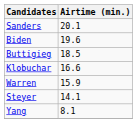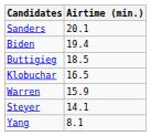 <table class="wikitable sortable" style="display:inline-table;line-height:16px;">
 <tr>
 <th>Candidates</th>
 <th>Airtime (min.)</th>
 </tr>
 <tr>
 <td><a href='#'>Sanders</a></td>
 <td>20.1</td>
 </tr>
 <tr>
 <td><a href='#'>Biden</a></td>
-<td>19.6</td>
+<td>19.4</td>
 </tr>
 <tr>
 <td><a href='#'>Buttigieg</a></td>
 <td>18.5</td>
 </tr>
 <tr>
 <td><a href='#'>Klobuchar</a></td>
-<td>16.6</td>
+<td>16.5</td>
 </tr>
 <tr>
 <td><a href='#'>Warren</a></td>
 <td>15.9</td>
 </tr>
 <tr>
 <td><a href='#'>Steyer</a></td>
 <td>14.1</td>
 </tr>
 <tr>
 <td><a href='#'>Yang</a></td>
 <td>8.1</td>
 </tr>
 <tr>
 </tr>
 </table>
